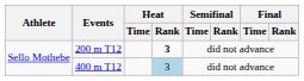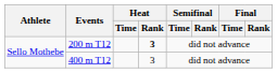 <table class=wikitable style="font-size:90%">
 <tr>
 <th rowspan="2">Athlete</th>
 <th rowspan="2">Events</th>
 <th colspan="2">Heat</th>
 <th colspan="2">Semifinal</th>
 <th colspan="2">Final</th>
 </tr>
 <tr>
 <th scope="col">Time</th>
 <th scope="col">Rank</th>
 <th scope="col">Time</th>
 <th scope="col">Rank</th>
 <th scope="col">Time</th>
 <th scope="col">Rank</th>
 </tr>
 <tr align=center>
 <td align=left rowspan=2><a href='#'>Sello Mothebe</a></td>
 <td align=left><a href='#'>200 m T12</a></td>
 <td></td>
 <td><strong>3</strong></td>
 <td colspan=4>did not advance</td>
 </tr>
 <tr align=center>
 <td align=left><a href='#'>400 m T12</a></td>
 <td></td>
-<td style="background: lightblue;">3</td>
+<td>3</td>
 <td colspan=4>did not advance</td>
 </tr>
 </table>
